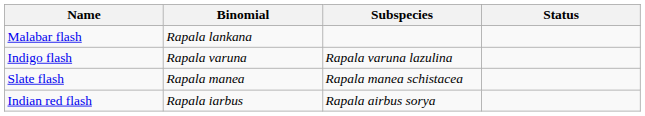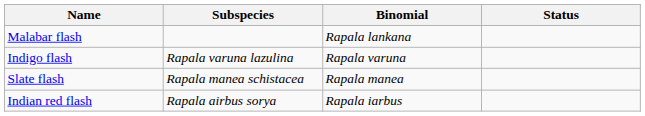 <table width=60% class="wikitable">
 <tr>
 <th width=20%>Name</th>
+<th width=20%>Subspecies</th>
 <th width=20%>Binomial</th>
-<th width=20%>Subspecies</th>
 <th width=20%>Status</th>
 </tr>
 <tr>
 <td><a href='#'>Malabar flash</a><br></td>
+<td></td>
 <td><em>Rapala lankana</em></td>
-<td></td>
 <td></td>
 </tr>
 <tr>
 <td><a href='#'>Indigo flash</a><br>  </td>
+<td><em>Rapala varuna lazulina</em></td>
 <td><em>Rapala varuna</em></td>
-<td><em>Rapala varuna lazulina</em></td>
 <td></td>
 </tr>
 <tr>
 <td><a href='#'>Slate flash</a><br>   </td>
+<td><em>Rapala manea schistacea</em></td>
 <td><em>Rapala manea</em></td>
-<td><em>Rapala manea schistacea</em></td>
 <td></td>
 </tr>
 <tr>
 <td><a href='#'>Indian red flash</a><br>  </td>
+<td><em>Rapala airbus sorya</em></td>
 <td><em>Rapala iarbus</em></td>
-<td><em>Rapala airbus sorya</em></td>
 <td></td>
 </tr>
 </table>
